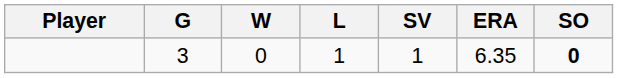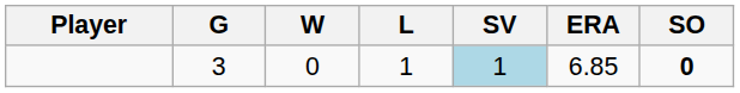 <table class="wikitable sortable">
 <tr>
 <th bgcolor="#DDDDFF" width="16%">Player</th>
 <th bgcolor="#DDDDFF" width="9%">G</th>
 <th bgcolor="#DDDDFF" width="9%">W</th>
 <th bgcolor="#DDDDFF" width="9%">L</th>
 <th bgcolor="#DDDDFF" width="9%">SV</th>
 <th bgcolor="#DDDDFF" width="9%">ERA</th>
 <th bgcolor="#DDDDFF" width="9%">SO</th>
 </tr>
 <tr align="center">
 <td></td>
 <td>3</td>
 <td>0</td>
 <td>1</td>
-<td>1</td>
-<td>6.35</td>
+<td style="background: lightblue;">1</td>
+<td>6.85</td>
 <td><strong>0</strong></td>
 </tr>
 </table>
